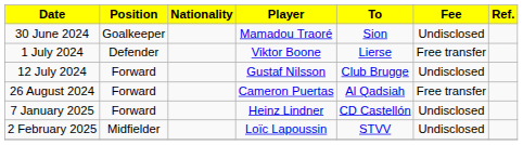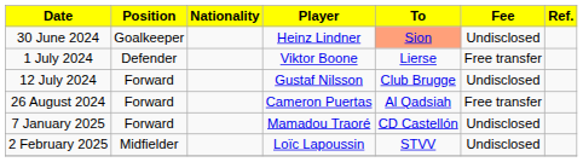 <table class="wikitable" style="text-align:center;">
 <tr>
 <th style="background:#FFFF00; color:#000000; ">Date</th>
 <th style="background:#FFFF00; color:#000000; ">Position</th>
 <th style="background:#FFFF00; color:#000000; ">Nationality</th>
 <th style="background:#FFFF00; color:#000000; ">Player</th>
 <th style="background:#FFFF00; color:#000000; ">To</th>
 <th style="background:#FFFF00; color:#000000; ">Fee</th>
 <th style="background:#FFFF00; color:#000000; ">Ref.</th>
 </tr>
 <tr>
 <td>30 June 2024</td>
 <td>Goalkeeper</td>
 <td></td>
-<td><a href='#'>Mamadou Traoré</a></td>
-<td> <a href='#'>Sion</a></td>
+<td><a href='#'>Heinz Lindner</a></td>
+<td style="background: lightsalmon;"> <a href='#'>Sion</a></td>
 <td>Undisclosed</td>
 <td></td>
 </tr>
 <tr>
 <td>1 July 2024</td>
 <td>Defender</td>
 <td></td>
 <td><a href='#'>Viktor Boone</a></td>
 <td> <a href='#'>Lierse</a></td>
 <td>Free transfer</td>
 <td></td>
 </tr>
 <tr>
 <td>12 July 2024</td>
 <td>Forward</td>
 <td></td>
 <td><a href='#'>Gustaf Nilsson</a></td>
 <td> <a href='#'>Club Brugge</a></td>
 <td>Undisclosed</td>
 <td></td>
 </tr>
 <tr>
 <td>26 August 2024</td>
 <td>Forward</td>
 <td></td>
 <td><a href='#'>Cameron Puertas</a></td>
 <td> <a href='#'>Al Qadsiah</a></td>
 <td>Free transfer</td>
 <td></td>
 </tr>
 <tr>
 <td>7 January 2025</td>
 <td>Forward</td>
 <td></td>
-<td><a href='#'>Heinz Lindner</a></td>
+<td><a href='#'>Mamadou Traoré</a></td>
 <td> <a href='#'>CD Castellón</a></td>
 <td>Undisclosed</td>
 <td></td>
 </tr>
 <tr>
 <td>2 February 2025</td>
 <td>Midfielder</td>
 <td></td>
 <td><a href='#'>Loïc Lapoussin</a></td>
 <td> <a href='#'>STVV</a></td>
 <td>Undisclosed</td>
 <td></td>
 </tr>
 <tr>
 </tr>
 </table>
